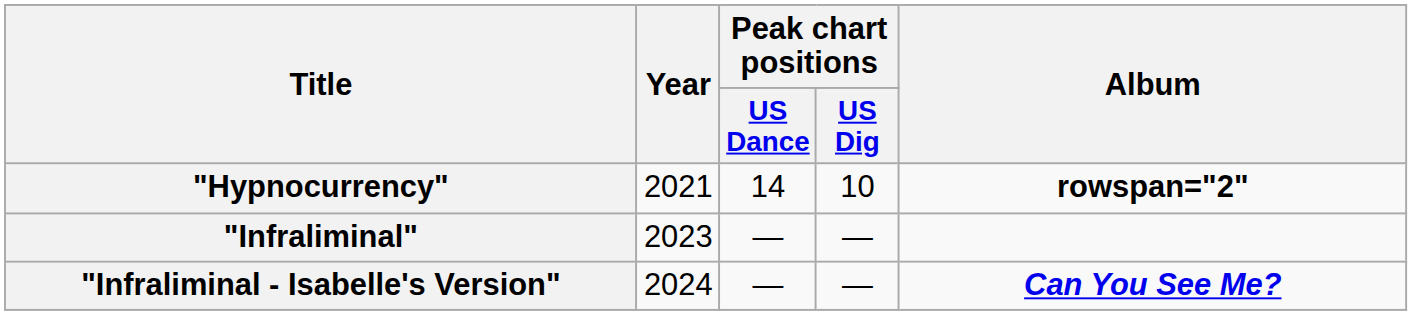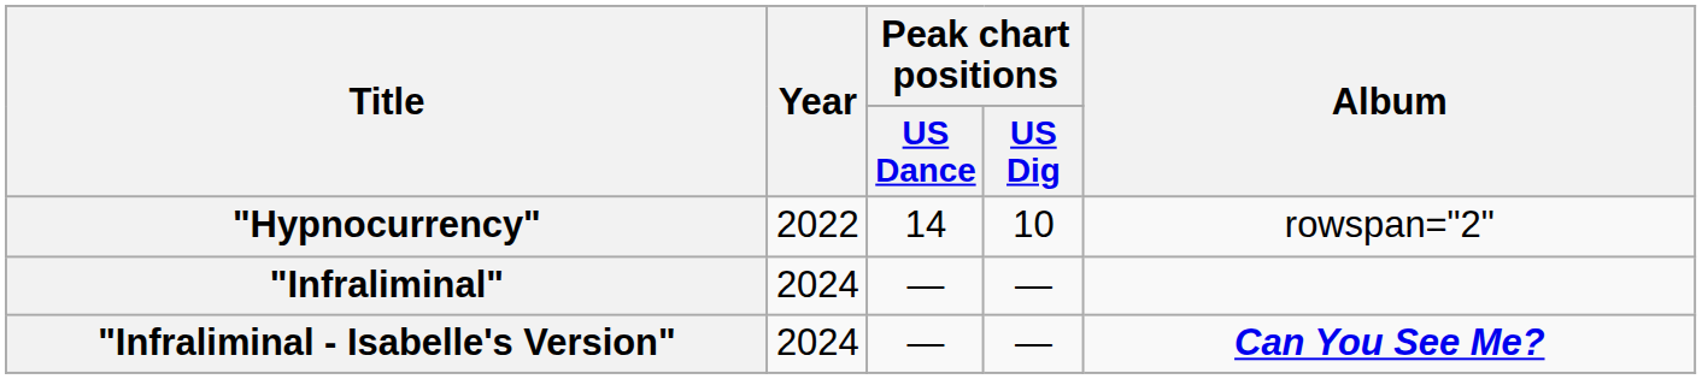 <table class="wikitable plainrowheaders" style="text-align:center;" border="1">
 <tr>
 <th scope="col" rowspan="2" style="width:20em;">Title</th>
 <th scope="col" rowspan="2" style="width:1em;">Year</th>
 <th scope="col" colspan="2">Peak chart positions</th>
 <th scope="col" rowspan="2" style="width:16em;">Album</th>
 </tr>
 <tr>
 <th scope="col" style="width:2.5em;font-size:90%;"><a href='#'>US<br>Dance</a><br></th>
 <th scope="col" style="width:2.5em;font-size:90%;"><a href='#'>US<br>Dig</a><br></th>
 </tr>
 <tr>
 <th scope="row">"Hypnocurrency"</th>
-<td>2021</td>
+<td>2022</td>
 <td>14</td>
 <td>10</td>
-<td><strong>rowspan="2" </strong></td>
+<td>rowspan="2" </td>
 </tr>
 <tr>
 <th scope="row">"Infraliminal"</th>
-<td>2023</td>
+<td>2024</td>
 <td>—</td>
 <td>—</td>
 </tr>
 <tr>
 <th scope="row">"Infraliminal - Isabelle's Version"</th>
 <td>2024</td>
 <td>—</td>
 <td>—</td>
 <td><strong><em><a href='#'>Can You See Me?</a></em></strong></td>
 </tr>
 </table>
